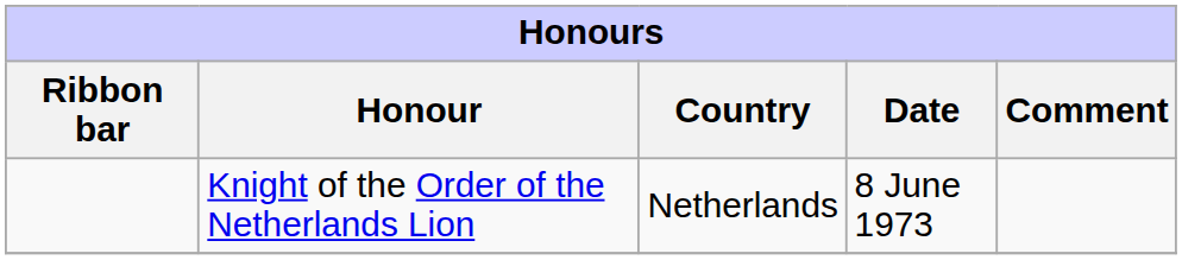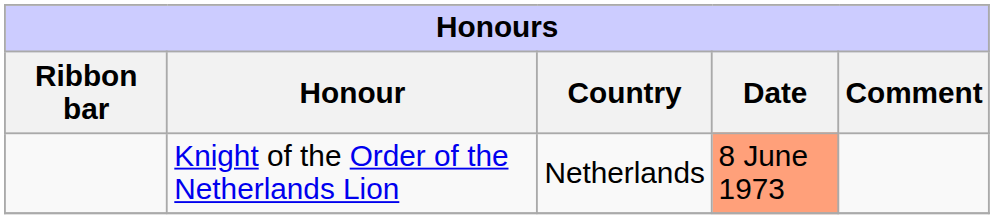 <table class="wikitable" style="width:60%;">
 <tr style="background:#ccf; text-align:center;">
 <td colspan=5><strong>Honours</strong></td>
 </tr>
 <tr>
 <th style="width:80px;">Ribbon bar</th>
 <th>Honour</th>
 <th>Country</th>
 <th>Date</th>
 <th>Comment</th>
 </tr>
 <tr>
 <td></td>
 <td><a href='#'>Knight</a> of the <a href='#'>Order of the Netherlands Lion</a></td>
 <td>Netherlands</td>
-<td>8 June 1973</td>
+<td style="background: lightsalmon;">8 June 1973</td>
 <td></td>
 </tr>
 <tr>
 </tr>
 </table>
